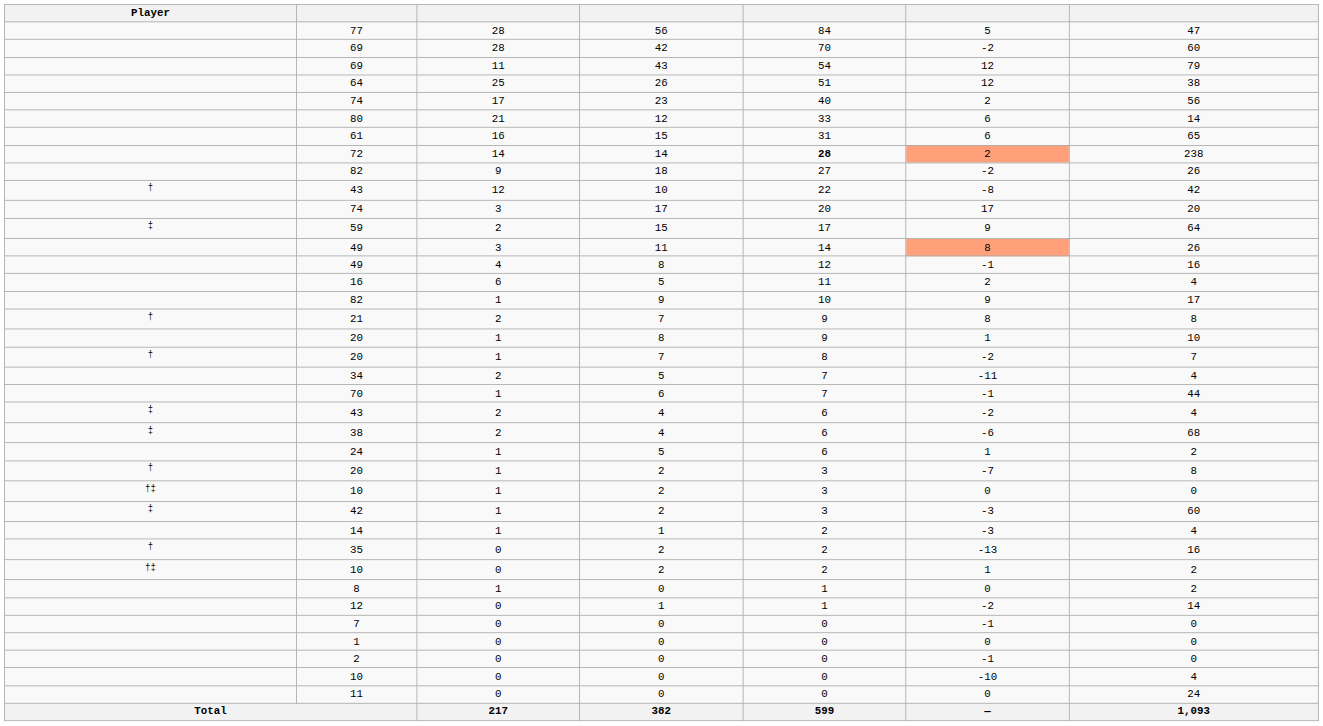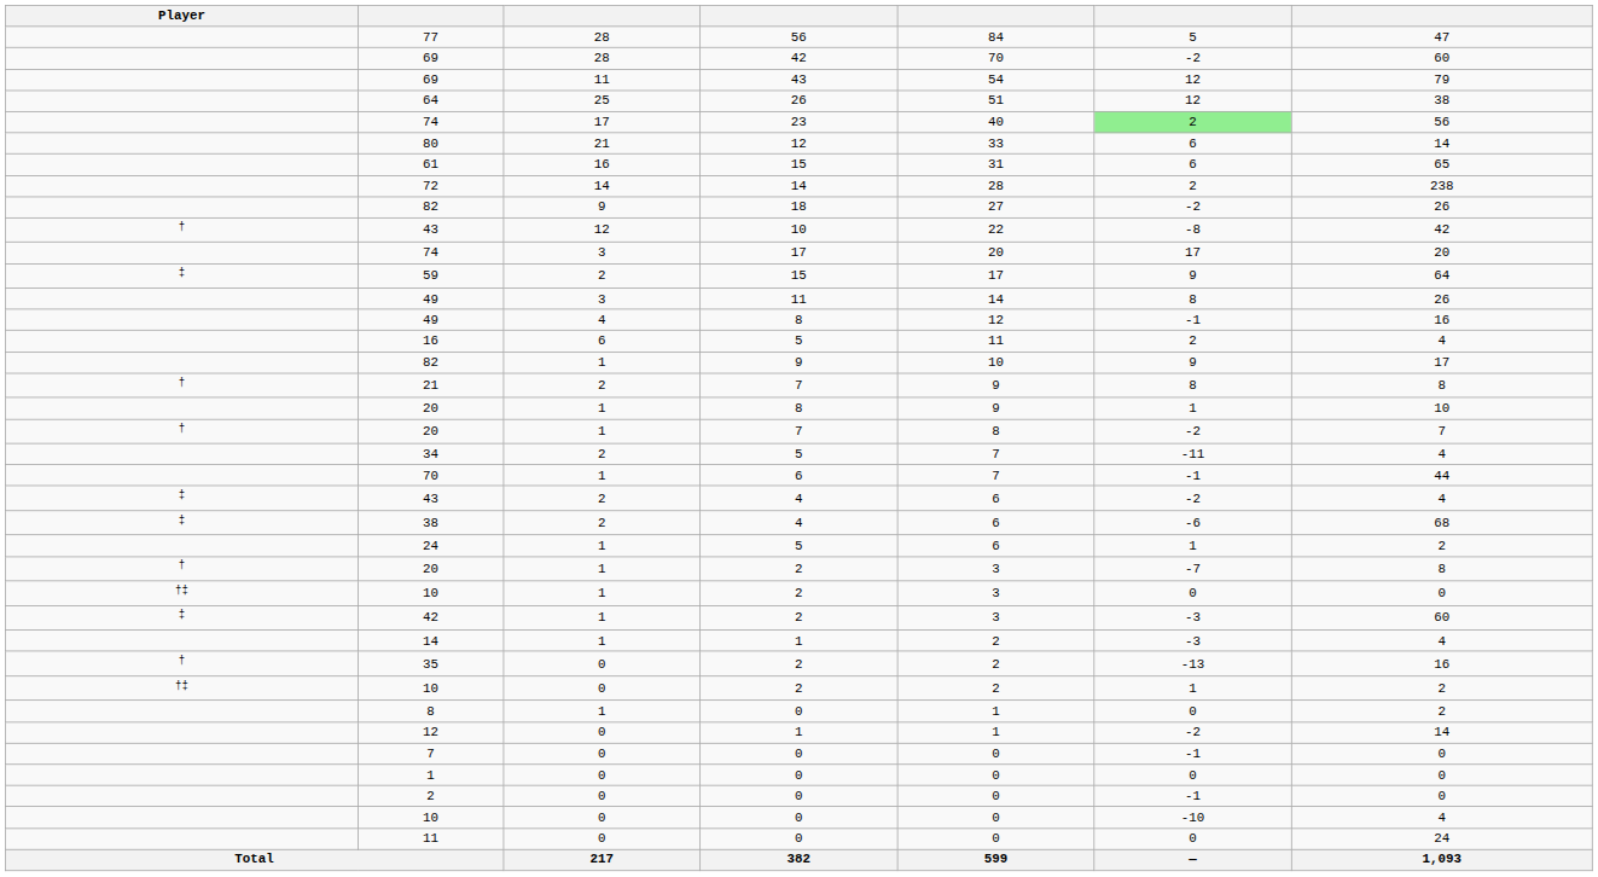 <table class="wikitable sortable" style="width:100%; text-align:center;">
 <tr align=center>
 <th>Player</th>
 <th></th>
 <th></th>
 <th></th>
 <th></th>
 <th data-sort-type="number"></th>
 <th></th>
 </tr>
 <tr>
 <td></td>
 <td>77</td>
 <td>28</td>
 <td>56</td>
 <td>84</td>
 <td>5</td>
 <td>47</td>
 </tr>
 <tr>
 <td></td>
 <td>69</td>
 <td>28</td>
 <td>42</td>
 <td>70</td>
 <td>-2</td>
 <td>60</td>
 </tr>
 <tr>
 <td></td>
 <td>69</td>
 <td>11</td>
 <td>43</td>
 <td>54</td>
 <td>12</td>
 <td>79</td>
 </tr>
 <tr>
 <td></td>
 <td>64</td>
 <td>25</td>
 <td>26</td>
 <td>51</td>
 <td>12</td>
 <td>38</td>
 </tr>
 <tr>
 <td></td>
 <td>74</td>
 <td>17</td>
 <td>23</td>
 <td>40</td>
-<td>2</td>
+<td style="background: lightgreen;">2</td>
 <td>56</td>
 </tr>
 <tr>
 <td></td>
 <td>80</td>
 <td>21</td>
 <td>12</td>
 <td>33</td>
 <td>6</td>
 <td>14</td>
 </tr>
 <tr>
 <td></td>
 <td>61</td>
 <td>16</td>
 <td>15</td>
 <td>31</td>
 <td>6</td>
 <td>65</td>
 </tr>
 <tr>
 <td></td>
 <td>72</td>
 <td>14</td>
 <td>14</td>
-<td><strong>28</strong></td>
-<td style="background: lightsalmon;">2</td>
+<td>28</td>
+<td>2</td>
 <td>238</td>
 </tr>
 <tr>
 <td></td>
 <td>82</td>
 <td>9</td>
 <td>18</td>
 <td>27</td>
 <td>-2</td>
 <td>26</td>
 </tr>
 <tr>
 <td><sup>†</sup></td>
 <td>43</td>
 <td>12</td>
 <td>10</td>
 <td>22</td>
 <td>-8</td>
 <td>42</td>
 </tr>
 <tr>
 <td></td>
 <td>74</td>
 <td>3</td>
 <td>17</td>
 <td>20</td>
 <td>17</td>
 <td>20</td>
 </tr>
 <tr>
 <td><sup>‡</sup></td>
 <td>59</td>
 <td>2</td>
 <td>15</td>
 <td>17</td>
 <td>9</td>
 <td>64</td>
 </tr>
 <tr>
 <td></td>
 <td>49</td>
 <td>3</td>
 <td>11</td>
 <td>14</td>
-<td style="background: lightsalmon;">8</td>
+<td>8</td>
 <td>26</td>
 </tr>
 <tr>
 <td></td>
 <td>49</td>
 <td>4</td>
 <td>8</td>
 <td>12</td>
 <td>-1</td>
 <td>16</td>
 </tr>
 <tr>
 <td></td>
 <td>16</td>
 <td>6</td>
 <td>5</td>
 <td>11</td>
 <td>2</td>
 <td>4</td>
 </tr>
 <tr>
 <td></td>
 <td>82</td>
 <td>1</td>
 <td>9</td>
 <td>10</td>
 <td>9</td>
 <td>17</td>
 </tr>
 <tr>
 <td><sup>†</sup></td>
 <td>21</td>
 <td>2</td>
 <td>7</td>
 <td>9</td>
 <td>8</td>
 <td>8</td>
 </tr>
 <tr>
 <td></td>
 <td>20</td>
 <td>1</td>
 <td>8</td>
 <td>9</td>
 <td>1</td>
 <td>10</td>
 </tr>
 <tr>
 <td><sup>†</sup></td>
 <td>20</td>
 <td>1</td>
 <td>7</td>
 <td>8</td>
 <td>-2</td>
 <td>7</td>
 </tr>
 <tr>
 <td></td>
 <td>34</td>
 <td>2</td>
 <td>5</td>
 <td>7</td>
 <td>-11</td>
 <td>4</td>
 </tr>
 <tr>
 <td></td>
 <td>70</td>
 <td>1</td>
 <td>6</td>
 <td>7</td>
 <td>-1</td>
 <td>44</td>
 </tr>
 <tr>
 <td><sup>‡</sup></td>
 <td>43</td>
 <td>2</td>
 <td>4</td>
 <td>6</td>
 <td>-2</td>
 <td>4</td>
 </tr>
 <tr>
 <td><sup>‡</sup></td>
 <td>38</td>
 <td>2</td>
 <td>4</td>
 <td>6</td>
 <td>-6</td>
 <td>68</td>
 </tr>
 <tr>
 <td></td>
 <td>24</td>
 <td>1</td>
 <td>5</td>
 <td>6</td>
 <td>1</td>
 <td>2</td>
 </tr>
 <tr>
 <td><sup>†</sup></td>
 <td>20</td>
 <td>1</td>
 <td>2</td>
 <td>3</td>
 <td>-7</td>
 <td>8</td>
 </tr>
 <tr>
 <td><sup>†‡</sup></td>
 <td>10</td>
 <td>1</td>
 <td>2</td>
 <td>3</td>
 <td>0</td>
 <td>0</td>
 </tr>
 <tr>
 <td><sup>‡</sup></td>
 <td>42</td>
 <td>1</td>
 <td>2</td>
 <td>3</td>
 <td>-3</td>
 <td>60</td>
 </tr>
 <tr>
 <td></td>
 <td>14</td>
 <td>1</td>
 <td>1</td>
 <td>2</td>
 <td>-3</td>
 <td>4</td>
 </tr>
 <tr>
 <td><sup>†</sup></td>
 <td>35</td>
 <td>0</td>
 <td>2</td>
 <td>2</td>
 <td>-13</td>
 <td>16</td>
 </tr>
 <tr>
 <td><sup>†‡</sup></td>
 <td>10</td>
 <td>0</td>
 <td>2</td>
 <td>2</td>
 <td>1</td>
 <td>2</td>
 </tr>
 <tr>
 <td></td>
 <td>8</td>
 <td>1</td>
 <td>0</td>
 <td>1</td>
 <td>0</td>
 <td>2</td>
 </tr>
 <tr>
 <td></td>
 <td>12</td>
 <td>0</td>
 <td>1</td>
 <td>1</td>
 <td>-2</td>
 <td>14</td>
 </tr>
 <tr>
 <td></td>
 <td>7</td>
 <td>0</td>
 <td>0</td>
 <td>0</td>
 <td>-1</td>
 <td>0</td>
 </tr>
 <tr>
 <td></td>
 <td>1</td>
 <td>0</td>
 <td>0</td>
 <td>0</td>
 <td>0</td>
 <td>0</td>
 </tr>
 <tr>
 <td></td>
 <td>2</td>
 <td>0</td>
 <td>0</td>
 <td>0</td>
 <td>-1</td>
 <td>0</td>
 </tr>
 <tr>
 <td></td>
 <td>10</td>
 <td>0</td>
 <td>0</td>
 <td>0</td>
 <td>-10</td>
 <td>4</td>
 </tr>
 <tr>
 <td></td>
 <td>11</td>
 <td>0</td>
 <td>0</td>
 <td>0</td>
 <td>0</td>
 <td>24</td>
 </tr>
 <tr class="sortbottom">
 <th colspan=2>Total</th>
 <th>217</th>
 <th>382</th>
 <th>599</th>
 <th>—</th>
 <th>1,093</th>
 </tr>
 </table>
